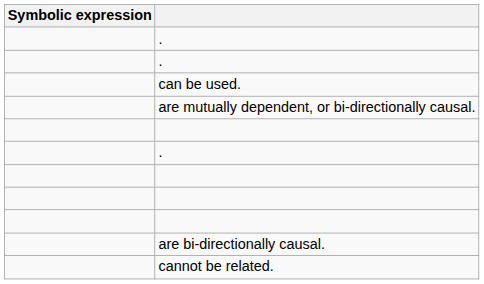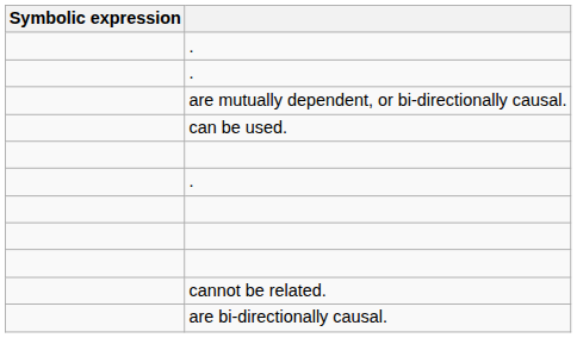 <table class="wikitable">
 <tr>
 <th>Symbolic expression</th>
 <th></th>
 </tr>
 <tr>
 <td style="text-align: center;"></td>
 <td style="text-align: left;">.</td>
 </tr>
 <tr>
 <td style="text-align: center;"></td>
 <td style="text-align: left;">.</td>
 </tr>
 <tr>
 <td style="text-align: center;"></td>
-<td style="text-align: left;"> can be used.</td>
+<td style="text-align: left;"> are mutually dependent, or bi-directionally causal.</td>
 </tr>
 <tr>
 <td style="text-align: center;"><br></td>
-<td style="text-align: left;"> are mutually dependent, or bi-directionally causal.</td>
+<td style="text-align: left;"> can be used.</td>
 </tr>
 <tr>
 <td style="text-align: center;"><br></td>
 <td style="text-align: left;"></td>
 </tr>
 <tr>
 <td style="text-align: center;"><br></td>
 <td style="text-align: left;">.</td>
 </tr>
 <tr>
 <td style="text-align: center;"><br></td>
 <td style="text-align: left;"></td>
 </tr>
 <tr>
 <td style="text-align: center;"><br></td>
 <td style="text-align: left;"></td>
 </tr>
 <tr>
 <td style="text-align: center;"><br></td>
 <td style="text-align: left;"></td>
 </tr>
 <tr>
 <td style="text-align: center;"><br></td>
-<td style="text-align: left;"> are bi-directionally causal.</td>
+<td style="text-align: left;"> cannot be related.</td>
 </tr>
 <tr>
 <td style="text-align: center;"><br></td>
-<td style="text-align: left;"> cannot be related.</td>
+<td style="text-align: left;"> are bi-directionally causal.</td>
 </tr>
 </table>
